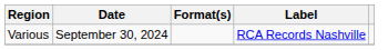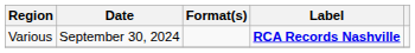 <table class="wikitable plainrowheaders">
 <tr>
 <th scope="col">Region</th>
 <th scope="col">Date</th>
 <th scope="col">Format(s)</th>
 <th scope="col">Label</th>
 <th scope="col"></th>
 </tr>
 <tr>
 <td>Various</td>
 <td rowspan="1">September 30, 2024</td>
 <td></td>
-<td rowspan="1"><a href='#'>RCA Records Nashville</a></td>
+<td rowspan="1"><strong><a href='#'>RCA Records Nashville</a></strong></td>
 <td style="text-align:center;"></td>
 </tr>
 <tr>
 </tr>
 </table>
